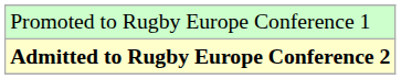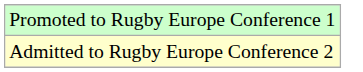 <table class="wikitable">
 <tr>
 </tr>
 <tr width=10px bgcolor="#ccffcc">
 <td>Promoted to Rugby Europe Conference 1</td>
 </tr>
 <tr width=10px bgcolor="#ffffcc">
-<td><strong>Admitted to Rugby Europe Conference 2</strong></td>
+<td>Admitted to Rugby Europe Conference 2</td>
 </tr>
 <tr>
 </tr>
 </table>
